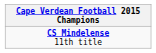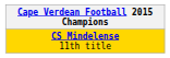 <table class="wikitable" style="margin: 0 auto; width: 240px;">
 <tr>
 <th><a href='#'>Cape Verdean Football</a> 2015<br>Champions</th>
 </tr>
 <tr>
-<td align=center><strong><a href='#'>CS Mindelense</a></strong><br>11th title</td>
+<td align=center style="background: gold;"><strong><a href='#'>CS Mindelense</a></strong><br>11th title</td>
 </tr>
 </table>
